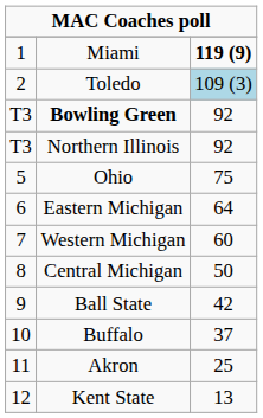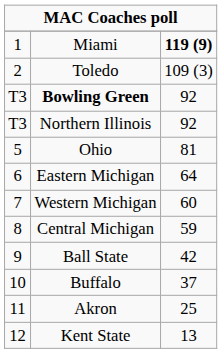 <table class="wikitable" style="display: inline-table;">
 <tr align="center">
 <td align="center" Colspan="3"><strong>MAC Coaches poll</strong></td>
 </tr>
 <tr align="center">
 </tr>
 <tr align="center">
 <td>1</td>
 <td>Miami</td>
 <td><strong>119 (9)</strong></td>
 </tr>
 <tr align="center">
 <td>2</td>
 <td>Toledo</td>
-<td style="background: lightblue;">109 (3)</td>
+<td>109 (3)</td>
 </tr>
 <tr align="center">
 <td>T3</td>
 <td><strong>Bowling Green</strong></td>
 <td>92</td>
 </tr>
 <tr align="center">
 <td>T3</td>
 <td>Northern Illinois</td>
 <td>92</td>
 </tr>
 <tr align="center">
 <td>5</td>
 <td>Ohio</td>
-<td>75</td>
+<td>81</td>
 </tr>
 <tr align="center">
 <td>6</td>
 <td>Eastern Michigan</td>
 <td>64</td>
 </tr>
 <tr align="center">
 <td>7</td>
 <td>Western Michigan</td>
 <td>60</td>
 </tr>
 <tr align="center">
 <td>8</td>
 <td>Central Michigan</td>
-<td>50</td>
+<td>59</td>
 </tr>
 <tr align="center">
 <td>9</td>
 <td>Ball State</td>
 <td>42</td>
 </tr>
 <tr align="center">
 <td>10</td>
 <td>Buffalo</td>
 <td>37</td>
 </tr>
 <tr align="center">
 <td>11</td>
 <td>Akron</td>
 <td>25</td>
 </tr>
 <tr align="center">
 <td>12</td>
 <td>Kent State</td>
 <td>13</td>
 </tr>
 </table>
